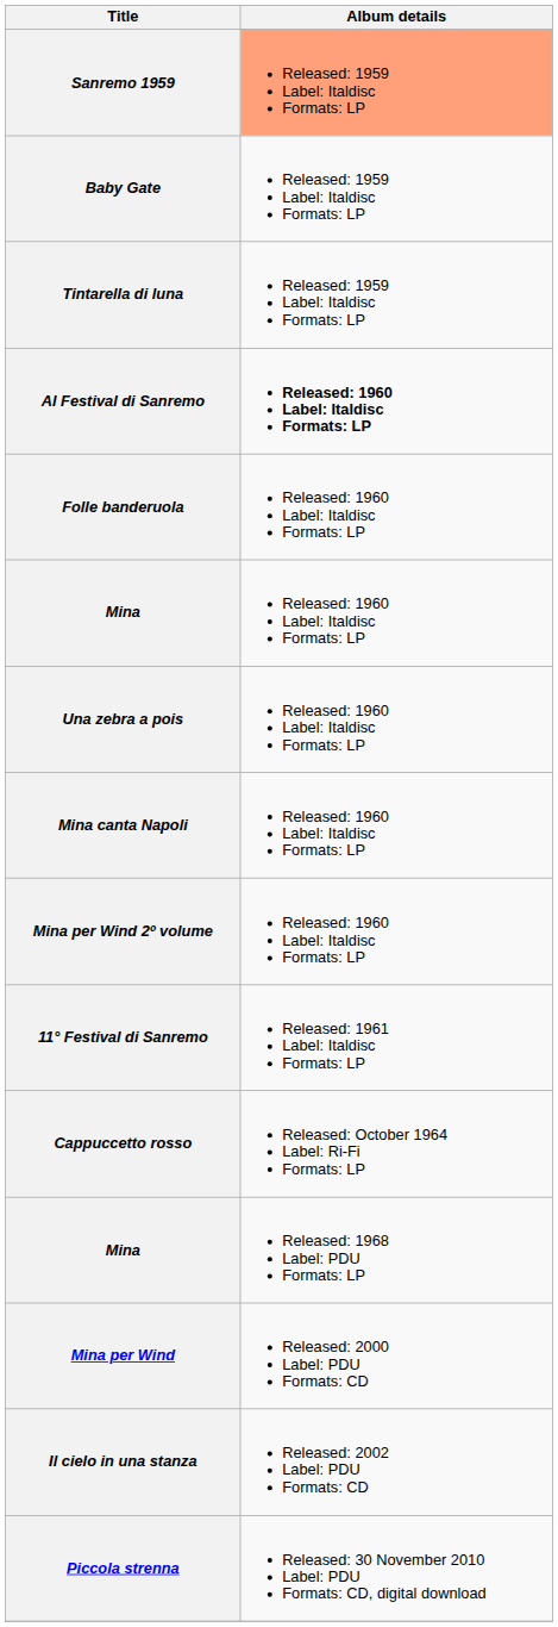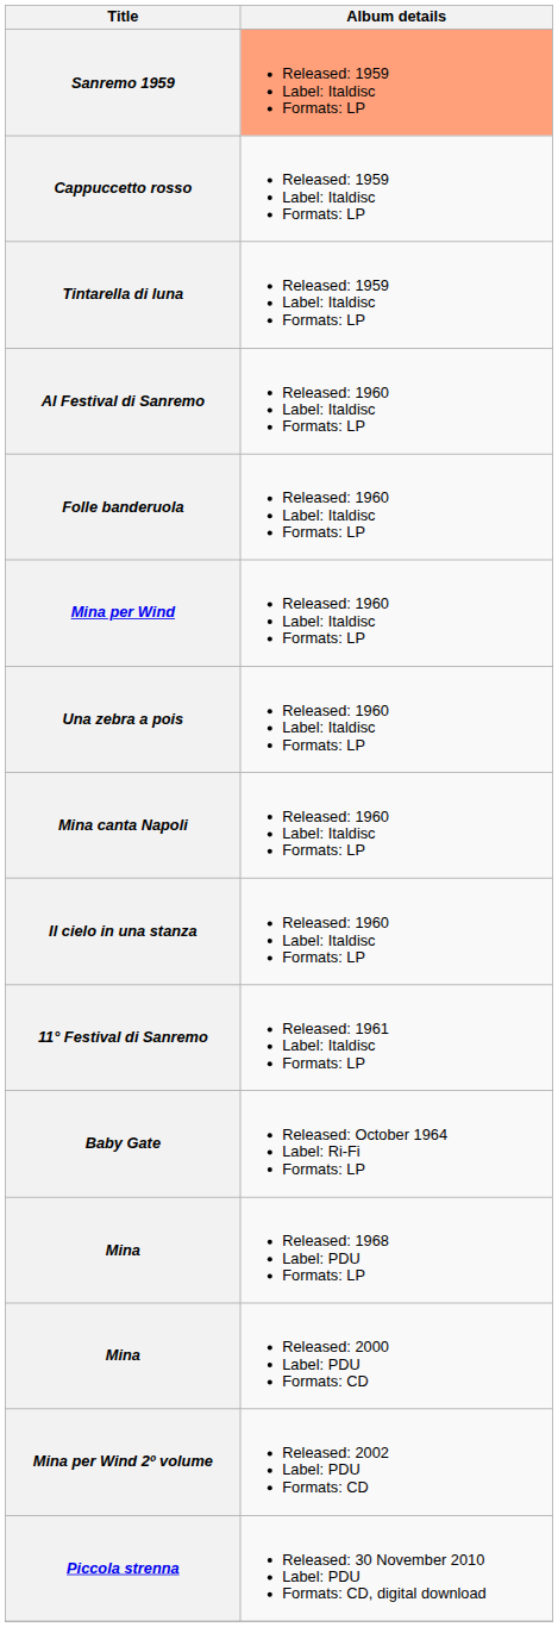 <table class="wikitable plainrowheaders" style="text-align:center;">
 <tr>
 <th style="width:15em;">Title</th>
 <th style="width:20em;">Album details</th>
 </tr>
 <tr>
 <th scope="row"><em>Sanremo 1959</em></th>
 <td align="left" style="background: lightsalmon;"><br><ul><li>Released: 1959</li><li>Label: Italdisc</li><li>Formats: LP</li></ul></td>
 </tr>
 <tr>
-<th scope="row"><em>Baby Gate</em></th>
+<th scope="row"><em>Cappuccetto rosso</em></th>
 <td align="left"><br><ul><li>Released: 1959</li><li>Label: Italdisc</li><li>Formats: LP</li></ul></td>
 </tr>
 <tr>
 <th scope="row"><em>Tintarella di luna</em></th>
 <td align="left"><br><ul><li>Released: 1959</li><li>Label: Italdisc</li><li>Formats: LP</li></ul></td>
 </tr>
 <tr>
 <th scope="row"><em>Al Festival di Sanremo</em></th>
-<td align="left"><strong><br><ul><li>Released: 1960</li><li>Label: Italdisc</li><li>Formats: LP</li></ul></strong></td>
+<td align="left"><br><ul><li>Released: 1960</li><li>Label: Italdisc</li><li>Formats: LP</li></ul></td>
 </tr>
 <tr>
 <th scope="row"><em>Folle banderuola</em></th>
 <td align="left"><br><ul><li>Released: 1960</li><li>Label: Italdisc</li><li>Formats: LP</li></ul></td>
 </tr>
 <tr>
-<th scope="row"><em>Mina</em></th>
+<th scope="row"><em><a href='#'>Mina per Wind</a></em></th>
 <td align="left"><br><ul><li>Released: 1960</li><li>Label: Italdisc</li><li>Formats: LP</li></ul></td>
 </tr>
 <tr>
 <th scope="row"><em>Una zebra a pois</em></th>
 <td align="left"><br><ul><li>Released: 1960</li><li>Label: Italdisc</li><li>Formats: LP</li></ul></td>
 </tr>
 <tr>
 <th scope="row"><em>Mina canta Napoli</em></th>
 <td align="left"><br><ul><li>Released: 1960</li><li>Label: Italdisc</li><li>Formats: LP</li></ul></td>
 </tr>
 <tr>
-<th scope="row"><em>Mina per Wind 2º volume</em></th>
+<th scope="row"><em>Il cielo in una stanza</em></th>
 <td align="left"><br><ul><li>Released: 1960</li><li>Label: Italdisc</li><li>Formats: LP</li></ul></td>
 </tr>
 <tr>
 <th scope="row"><em>11° Festival di Sanremo</em></th>
 <td align="left"><br><ul><li>Released: 1961</li><li>Label: Italdisc</li><li>Formats: LP</li></ul></td>
 </tr>
 <tr>
-<th scope="row"><em>Cappuccetto rosso</em></th>
+<th scope="row"><em>Baby Gate</em></th>
 <td align="left"><br><ul><li>Released: October 1964</li><li>Label: Ri-Fi</li><li>Formats: LP</li></ul></td>
 </tr>
 <tr>
 <th scope="row"><em>Mina</em></th>
 <td align="left"><br><ul><li>Released: 1968</li><li>Label: PDU</li><li>Formats: LP</li></ul></td>
 </tr>
 <tr>
-<th scope="row"><em><a href='#'>Mina per Wind</a></em></th>
+<th scope="row"><em>Mina</em></th>
 <td align="left"><br><ul><li>Released: 2000</li><li>Label: PDU</li><li>Formats: CD</li></ul></td>
 </tr>
 <tr>
-<th scope="row"><em>Il cielo in una stanza</em></th>
+<th scope="row"><em>Mina per Wind 2º volume</em></th>
 <td align="left"><br><ul><li>Released: 2002</li><li>Label: PDU</li><li>Formats: CD</li></ul></td>
 </tr>
 <tr>
 <th scope="row"><em><a href='#'>Piccola strenna</a></em></th>
 <td align="left"><br><ul><li>Released: 30 November 2010</li><li>Label: PDU</li><li>Formats: CD, digital download</li></ul></td>
 </tr>
 <tr>
 </tr>
 </table>
